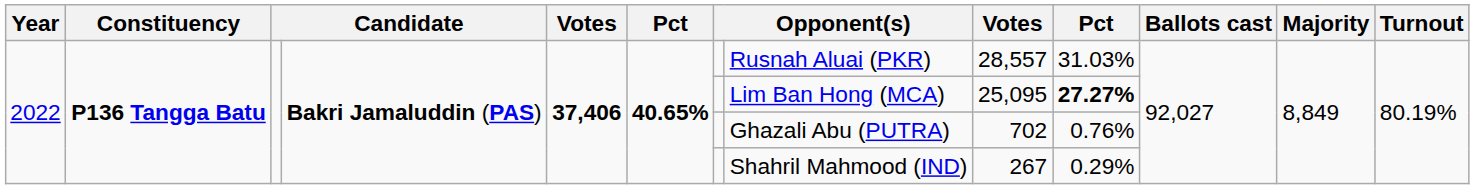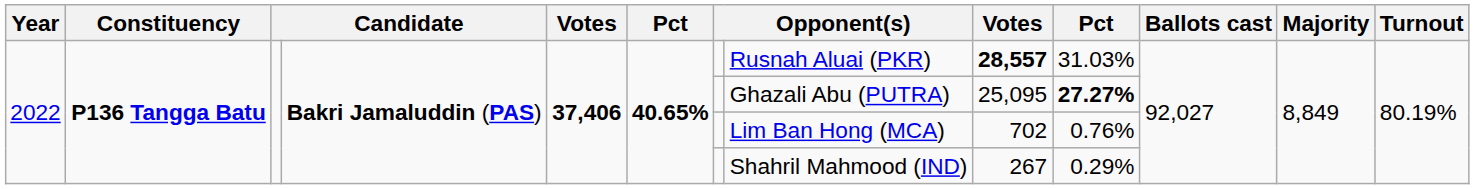 <table class="wikitable" style="margin:0.5em ; font-size:95%">
 <tr>
 <th>Year</th>
 <th>Constituency</th>
 <th colspan=2>Candidate</th>
 <th>Votes</th>
 <th>Pct</th>
 <th colspan=2>Opponent(s)</th>
 <th>Votes</th>
 <th>Pct</th>
 <th>Ballots cast</th>
 <th>Majority</th>
 <th>Turnout</th>
 </tr>
 <tr>
 <td rowspan="4"><a href='#'>2022</a></td>
 <td rowspan="4"><strong>P136 <a href='#'>Tangga Batu</a></strong></td>
 <td rowspan="4" bgcolor=></td>
 <td rowspan="4"><strong>Bakri Jamaluddin</strong> (<a href='#'><strong>PAS</strong></a>)</td>
 <td rowspan="4" align=right><strong>37,406</strong></td>
 <td rowspan="4" align="right"><strong>40.65%</strong></td>
 <td></td>
 <td><a href='#'>Rusnah Aluai</a> (<a href='#'>PKR</a>)</td>
-<td align="right">28,557</td>
+<td align="right"><strong>28,557</strong></td>
 <td>31.03%</td>
 <td rowspan="4">92,027</td>
 <td rowspan="4">8,849</td>
 <td rowspan="4">80.19%</td>
 </tr>
 <tr>
 <td></td>
-<td><a href='#'>Lim Ban Hong</a> (<a href='#'>MCA</a>)</td>
+<td>Ghazali Abu (<a href='#'>PUTRA</a>)</td>
 <td align="right">25,095</td>
 <td><strong>27.27%</strong></td>
 </tr>
 <tr>
 <td bgcolor=></td>
-<td>Ghazali Abu (<a href='#'>PUTRA</a>)</td>
+<td><a href='#'>Lim Ban Hong</a> (<a href='#'>MCA</a>)</td>
 <td align=right>702</td>
 <td align="right">0.76%</td>
 </tr>
 <tr>
 <td></td>
 <td>Shahril Mahmood (<a href='#'>IND</a>)</td>
 <td align=right>267</td>
 <td align="right">0.29%</td>
 </tr>
 </table>
